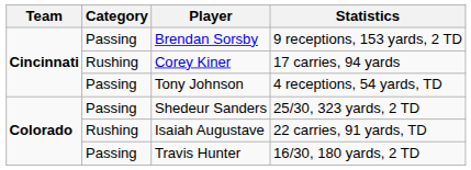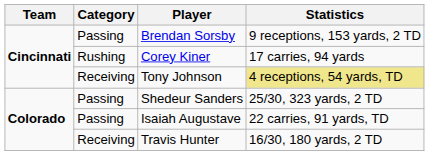 <table class="wikitable" style="float: right;">
 <tr>
 <th>Team</th>
 <th>Category</th>
 <th>Player</th>
 <th>Statistics</th>
 </tr>
 <tr>
 <td rowspan=3><strong>Cincinnati</strong></td>
 <td>Passing</td>
 <td><a href='#'>Brendan Sorsby</a></td>
 <td>9 receptions, 153 yards, 2 TD</td>
 </tr>
 <tr>
 <td>Rushing</td>
 <td><a href='#'>Corey Kiner</a></td>
 <td>17 carries, 94 yards</td>
 </tr>
 <tr>
-<td>Passing</td>
+<td>Receiving</td>
 <td>Tony Johnson</td>
-<td>4 receptions, 54 yards, TD</td>
+<td style="background: khaki;">4 receptions, 54 yards, TD</td>
 </tr>
 <tr>
 <td rowspan=3><strong>Colorado</strong></td>
 <td>Passing</td>
 <td>Shedeur Sanders</td>
 <td>25/30, 323 yards, 2 TD</td>
 </tr>
 <tr>
-<td>Rushing</td>
+<td>Passing</td>
 <td>Isaiah Augustave</td>
 <td>22 carries, 91 yards, TD</td>
 </tr>
 <tr>
-<td>Passing</td>
+<td>Receiving</td>
 <td>Travis Hunter</td>
 <td>16/30, 180 yards, 2 TD</td>
 </tr>
 </table>
